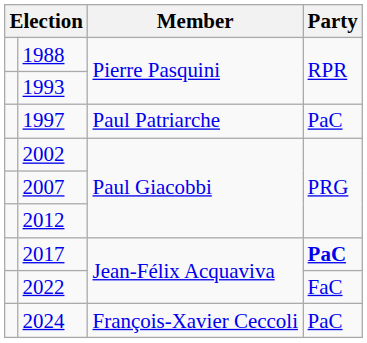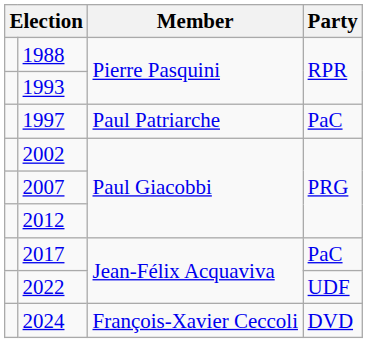 <table class="wikitable">
 <tr>
 <th colspan="2">Election</th>
 <th>Member</th>
 <th>Party</th>
 </tr>
 <tr>
 <td style="color:inherit;background-color: "></td>
 <td><a href='#'>1988</a></td>
 <td rowspan=2><a href='#'>Pierre Pasquini</a></td>
 <td rowspan=2><a href='#'>RPR</a></td>
 </tr>
 <tr>
 <td style="color:inherit;background-color: "></td>
 <td><a href='#'>1993</a></td>
 </tr>
 <tr>
 <td style="color:inherit;background-color: "></td>
 <td><a href='#'>1997</a></td>
 <td><a href='#'>Paul Patriarche</a></td>
 <td><a href='#'>PaC</a></td>
 </tr>
 <tr>
 <td style="color:inherit;background-color: "></td>
 <td><a href='#'>2002</a></td>
 <td rowspan=3><a href='#'>Paul Giacobbi</a></td>
 <td rowspan=3><a href='#'>PRG</a></td>
 </tr>
 <tr>
 <td style="color:inherit;background-color: "></td>
 <td><a href='#'>2007</a></td>
 </tr>
 <tr>
 <td style="color:inherit;background-color: "></td>
 <td><a href='#'>2012</a></td>
 </tr>
 <tr>
 <td style="color:inherit;background-color: "></td>
 <td><a href='#'>2017</a></td>
 <td rowspan="2"><a href='#'>Jean-Félix Acquaviva</a></td>
-<td><strong><a href='#'>PaC</a></strong></td>
+<td><a href='#'>PaC</a></td>
 </tr>
 <tr>
 <td style="color:inherit;background-color: "></td>
 <td><a href='#'>2022</a></td>
-<td><a href='#'>FaC</a></td>
+<td><a href='#'>UDF</a></td>
 </tr>
 <tr>
 <td style="color:inherit;background-color: "></td>
 <td><a href='#'>2024</a></td>
 <td><a href='#'>François-Xavier Ceccoli</a></td>
-<td><a href='#'>PaC</a></td>
+<td><a href='#'>DVD</a></td>
 </tr>
 </table>
